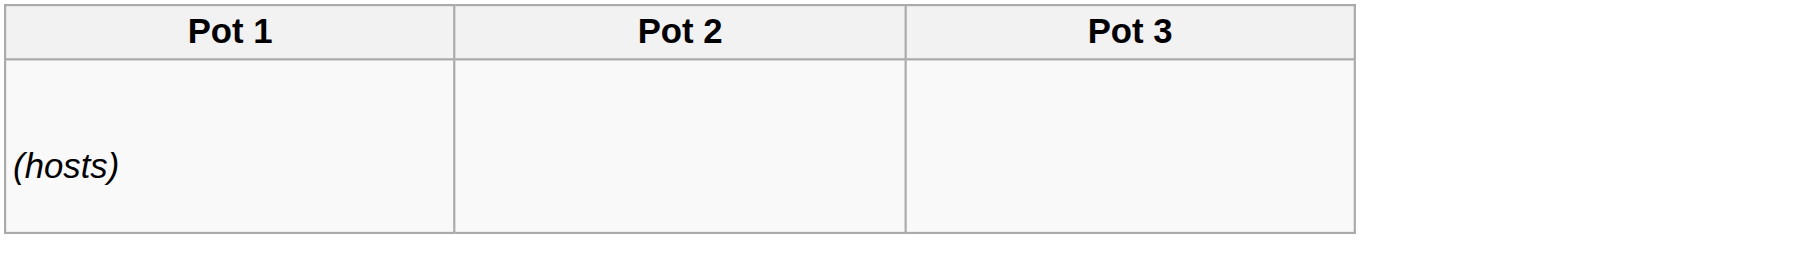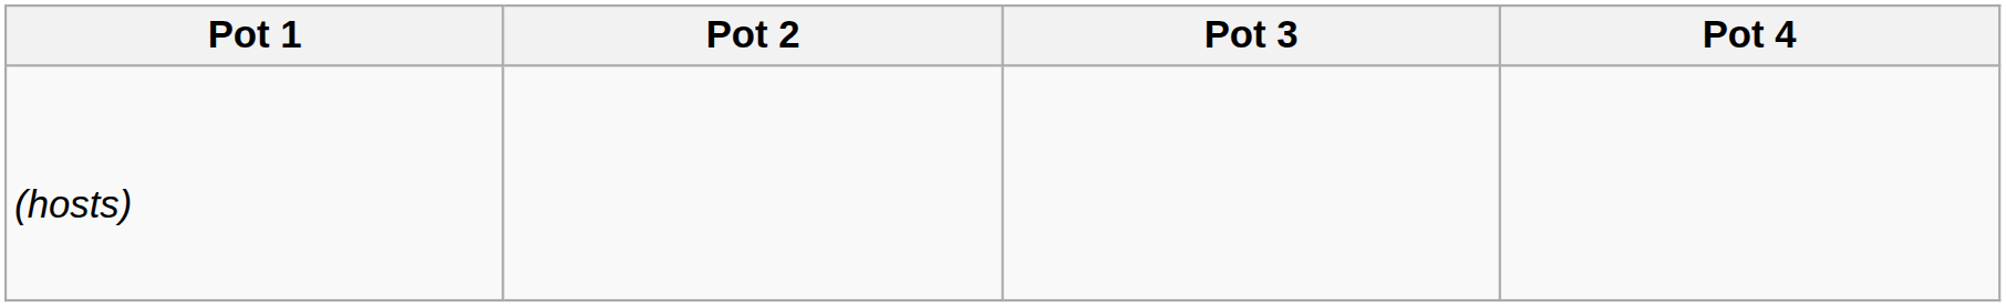 <table class="wikitable">
 <tr>
 <th width=200px>Pot 1</th>
 <th width=200px>Pot 2</th>
 <th width=200px>Pot 3</th>
+<th width=200px>Pot 4</th>
 </tr>
 <tr>
 <td><br> <br>  <em>(hosts)</em> <br>  <br> </td>
 <td><br> <br>  <br>  <br> </td>
 <td><br> <br>  <br>  <br> </td>
+<td><br> <br>  <br>  <br>  <br> </td>
 </tr>
 </table>
